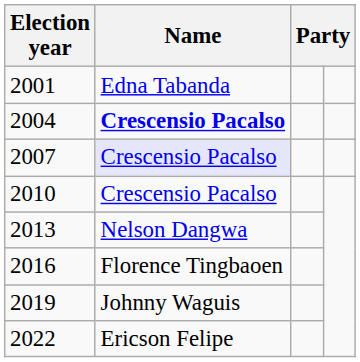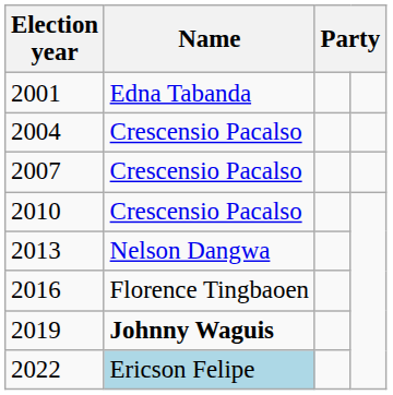 <table class=wikitable>
 <tr>
 <th>Election<br>year</th>
 <th>Name</th>
 <th colspan=2>Party</th>
 </tr>
 <tr>
 <td>2001</td>
 <td><a href='#'>Edna Tabanda</a></td>
 <td></td>
 <td></td>
 </tr>
 <tr>
 <td>2004</td>
-<td><strong><a href='#'>Crescensio Pacalso</a></strong></td>
+<td><a href='#'>Crescensio Pacalso</a></td>
 <td></td>
 </tr>
 <tr>
 <td>2007</td>
-<td style="background: lavender;"><a href='#'>Crescensio Pacalso</a></td>
+<td><a href='#'>Crescensio Pacalso</a></td>
 <td></td>
 <td></td>
 </tr>
 <tr>
 <td>2010</td>
 <td><a href='#'>Crescensio Pacalso</a></td>
 <td></td>
 </tr>
 <tr>
 <td>2013</td>
 <td><a href='#'>Nelson Dangwa</a></td>
 <td></td>
 </tr>
 <tr>
 <td>2016</td>
 <td>Florence Tingbaoen</td>
 <td></td>
 </tr>
 <tr>
 <td>2019</td>
-<td>Johnny Waguis</td>
+<td><strong>Johnny Waguis</strong></td>
 <td></td>
 </tr>
 <tr>
 <td>2022</td>
-<td>Ericson Felipe</td>
+<td style="background: lightblue;">Ericson Felipe</td>
 <td></td>
 </tr>
 </table>
